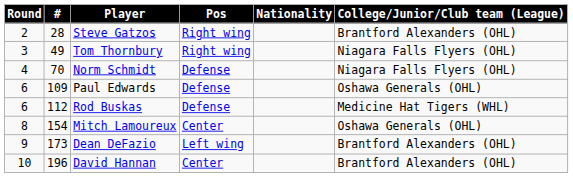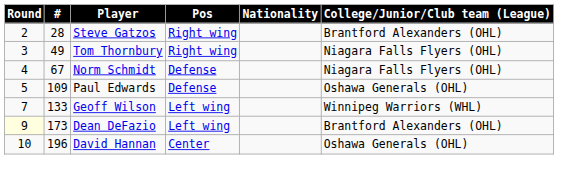 <table class="wikitable">
 <tr>
 <th style="color:white; background:#000000; ">Round</th>
 <th style="color:white; background:#000000; ">#</th>
 <th style="color:white; background:#000000; ">Player</th>
 <th style="color:white; background:#000000; ">Pos</th>
 <th style="color:white; background:#000000; ">Nationality</th>
 <th style="color:white; background:#000000; ">College/Junior/Club team (League)</th>
 </tr>
 <tr>
 <td align=center>2</td>
 <td align=center>28</td>
 <td><a href='#'>Steve Gatzos</a></td>
 <td><a href='#'>Right wing</a></td>
 <td></td>
 <td>Brantford Alexanders (OHL)</td>
 </tr>
 <tr>
 <td align=center>3</td>
 <td align=center>49</td>
 <td><a href='#'>Tom Thornbury</a></td>
 <td><a href='#'>Right wing</a></td>
 <td></td>
 <td>Niagara Falls Flyers (OHL)</td>
 </tr>
 <tr>
 <td align=center>4</td>
-<td align=center>70</td>
+<td align=center>67</td>
 <td><a href='#'>Norm Schmidt</a></td>
 <td><a href='#'>Defense</a></td>
 <td></td>
 <td>Niagara Falls Flyers (OHL)</td>
 </tr>
 <tr>
-<td align=center>6</td>
+<td align=center>5</td>
 <td align=center>109</td>
 <td>Paul Edwards</td>
 <td><a href='#'>Defense</a></td>
 <td></td>
 <td>Oshawa Generals (OHL)</td>
 </tr>
 <tr>
-<td align=center>6</td>
-<td align=center>112</td>
-<td><a href='#'>Rod Buskas</a></td>
-<td><a href='#'>Defense</a></td>
+<td align=center>7</td>
+<td align=center>133</td>
+<td><a href='#'>Geoff Wilson</a></td>
+<td><a href='#'>Left wing</a></td>
 <td></td>
-<td>Medicine Hat Tigers (WHL)</td>
+<td>Winnipeg Warriors (WHL)</td>
 </tr>
 <tr>
-<td align=center>8</td>
-<td align=center>154</td>
-<td><a href='#'>Mitch Lamoureux</a></td>
-<td><a href='#'>Center</a></td>
-<td></td>
-<td>Oshawa Generals (OHL)</td>
-</tr>
-<tr>
-<td align=center>9</td>
+<td align=center style="background: lightyellow;">9</td>
 <td align=center>173</td>
 <td><a href='#'>Dean DeFazio</a></td>
 <td><a href='#'>Left wing</a></td>
 <td></td>
 <td>Brantford Alexanders (OHL)</td>
 </tr>
 <tr>
 <td align=center>10</td>
 <td align=center>196</td>
 <td><a href='#'>David Hannan</a></td>
 <td><a href='#'>Center</a></td>
 <td></td>
-<td>Brantford Alexanders (OHL)</td>
+<td>Oshawa Generals (OHL)</td>
 </tr>
 </table>
